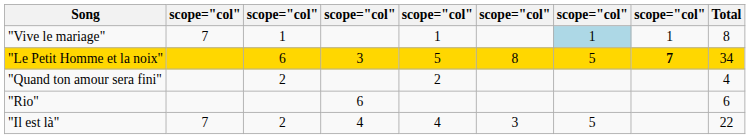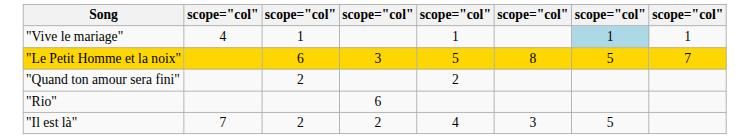 <table class="wikitable plainrowheaders" style="margin: 1em auto 1em auto; text-align:center;">
 <tr>
 <th scope="col">Song</th>
 <th>scope="col" </th>
 <th>scope="col" </th>
 <th>scope="col" </th>
 <th>scope="col" </th>
 <th>scope="col" </th>
 <th>scope="col" </th>
 <th>scope="col" </th>
-<th scope="col">Total</th>
 </tr>
 <tr>
 <td align="left">"Vive le mariage"</td>
-<td>7</td>
+<td>4</td>
 <td>1</td>
 <td></td>
 <td>1</td>
 <td></td>
 <td style="background: lightblue;">1</td>
 <td>1</td>
-<td>8</td>
 </tr>
 <tr style="background:gold">
 <td align="left">"Le Petit Homme et la noix"</td>
 <td></td>
 <td>6</td>
 <td>3</td>
 <td>5</td>
 <td>8</td>
 <td>5</td>
-<td><strong>7</strong></td>
-<td>34</td>
+<td>7</td>
 </tr>
 <tr>
 <td align="left">"Quand ton amour sera fini"</td>
 <td></td>
 <td>2</td>
 <td></td>
 <td>2</td>
 <td></td>
 <td></td>
 <td></td>
-<td>4</td>
 </tr>
 <tr>
 <td align="left">"Rio"</td>
 <td></td>
 <td></td>
 <td>6</td>
 <td></td>
 <td></td>
 <td></td>
 <td></td>
-<td>6</td>
 </tr>
 <tr>
 <td align="left">"Il est là"</td>
 <td>7</td>
 <td>2</td>
-<td>4</td>
+<td>2</td>
 <td>4</td>
 <td>3</td>
 <td>5</td>
 <td></td>
-<td>22</td>
 </tr>
 </table>
